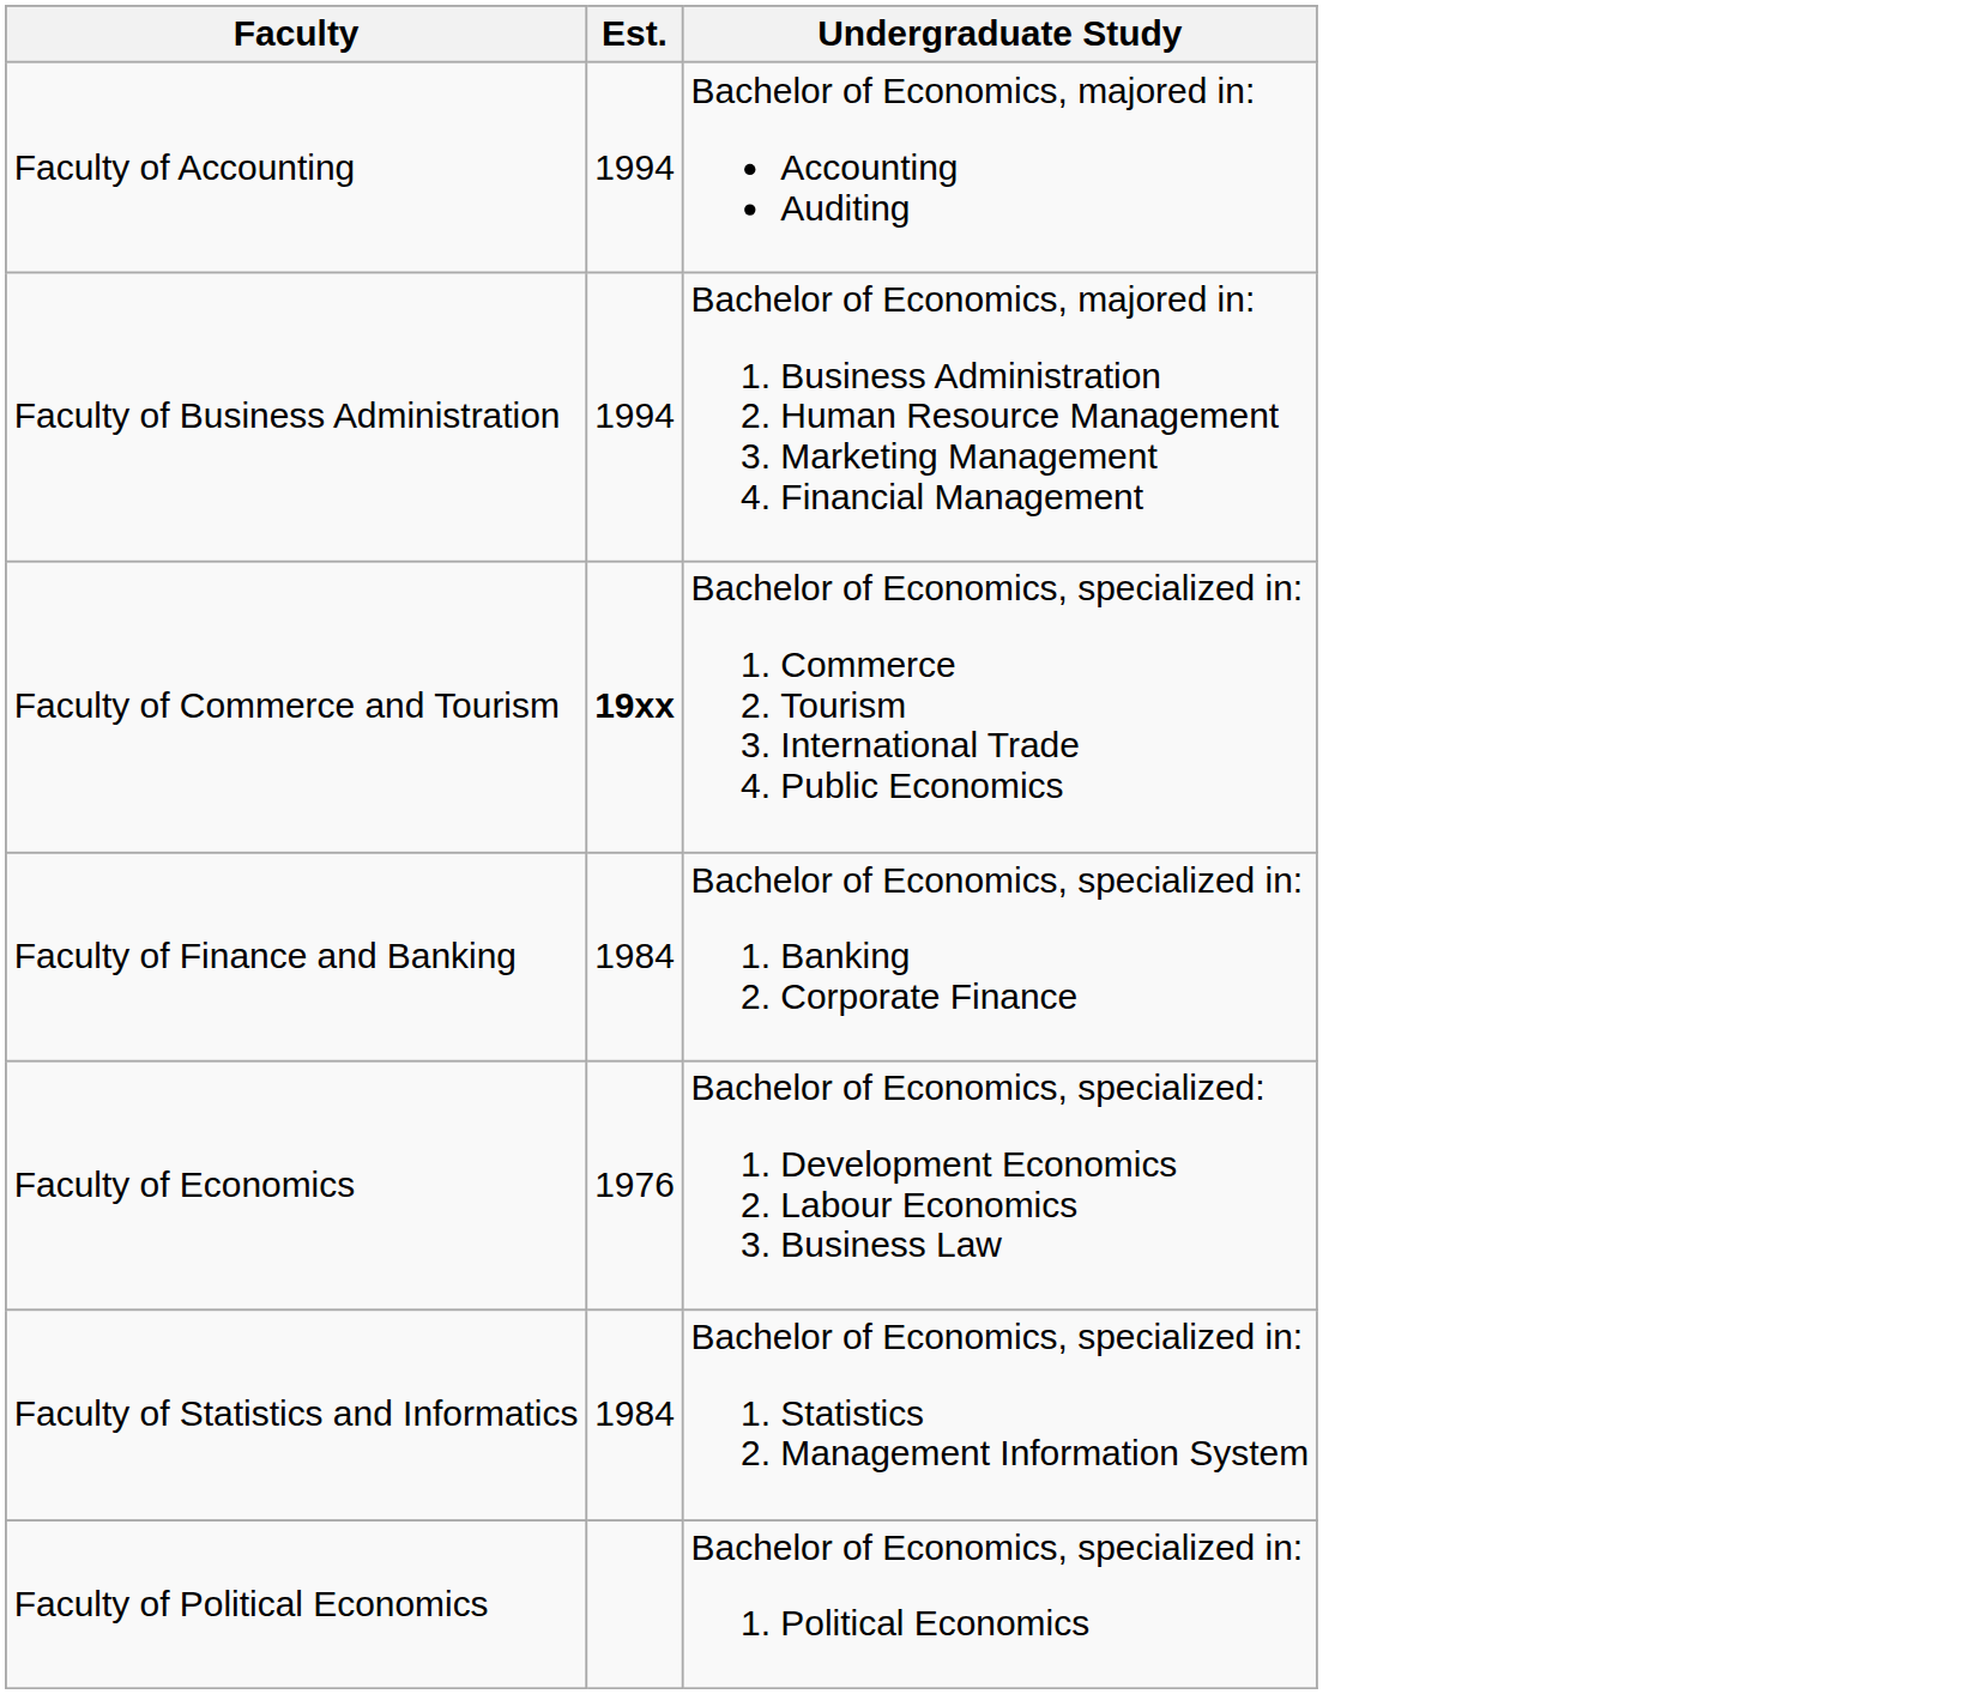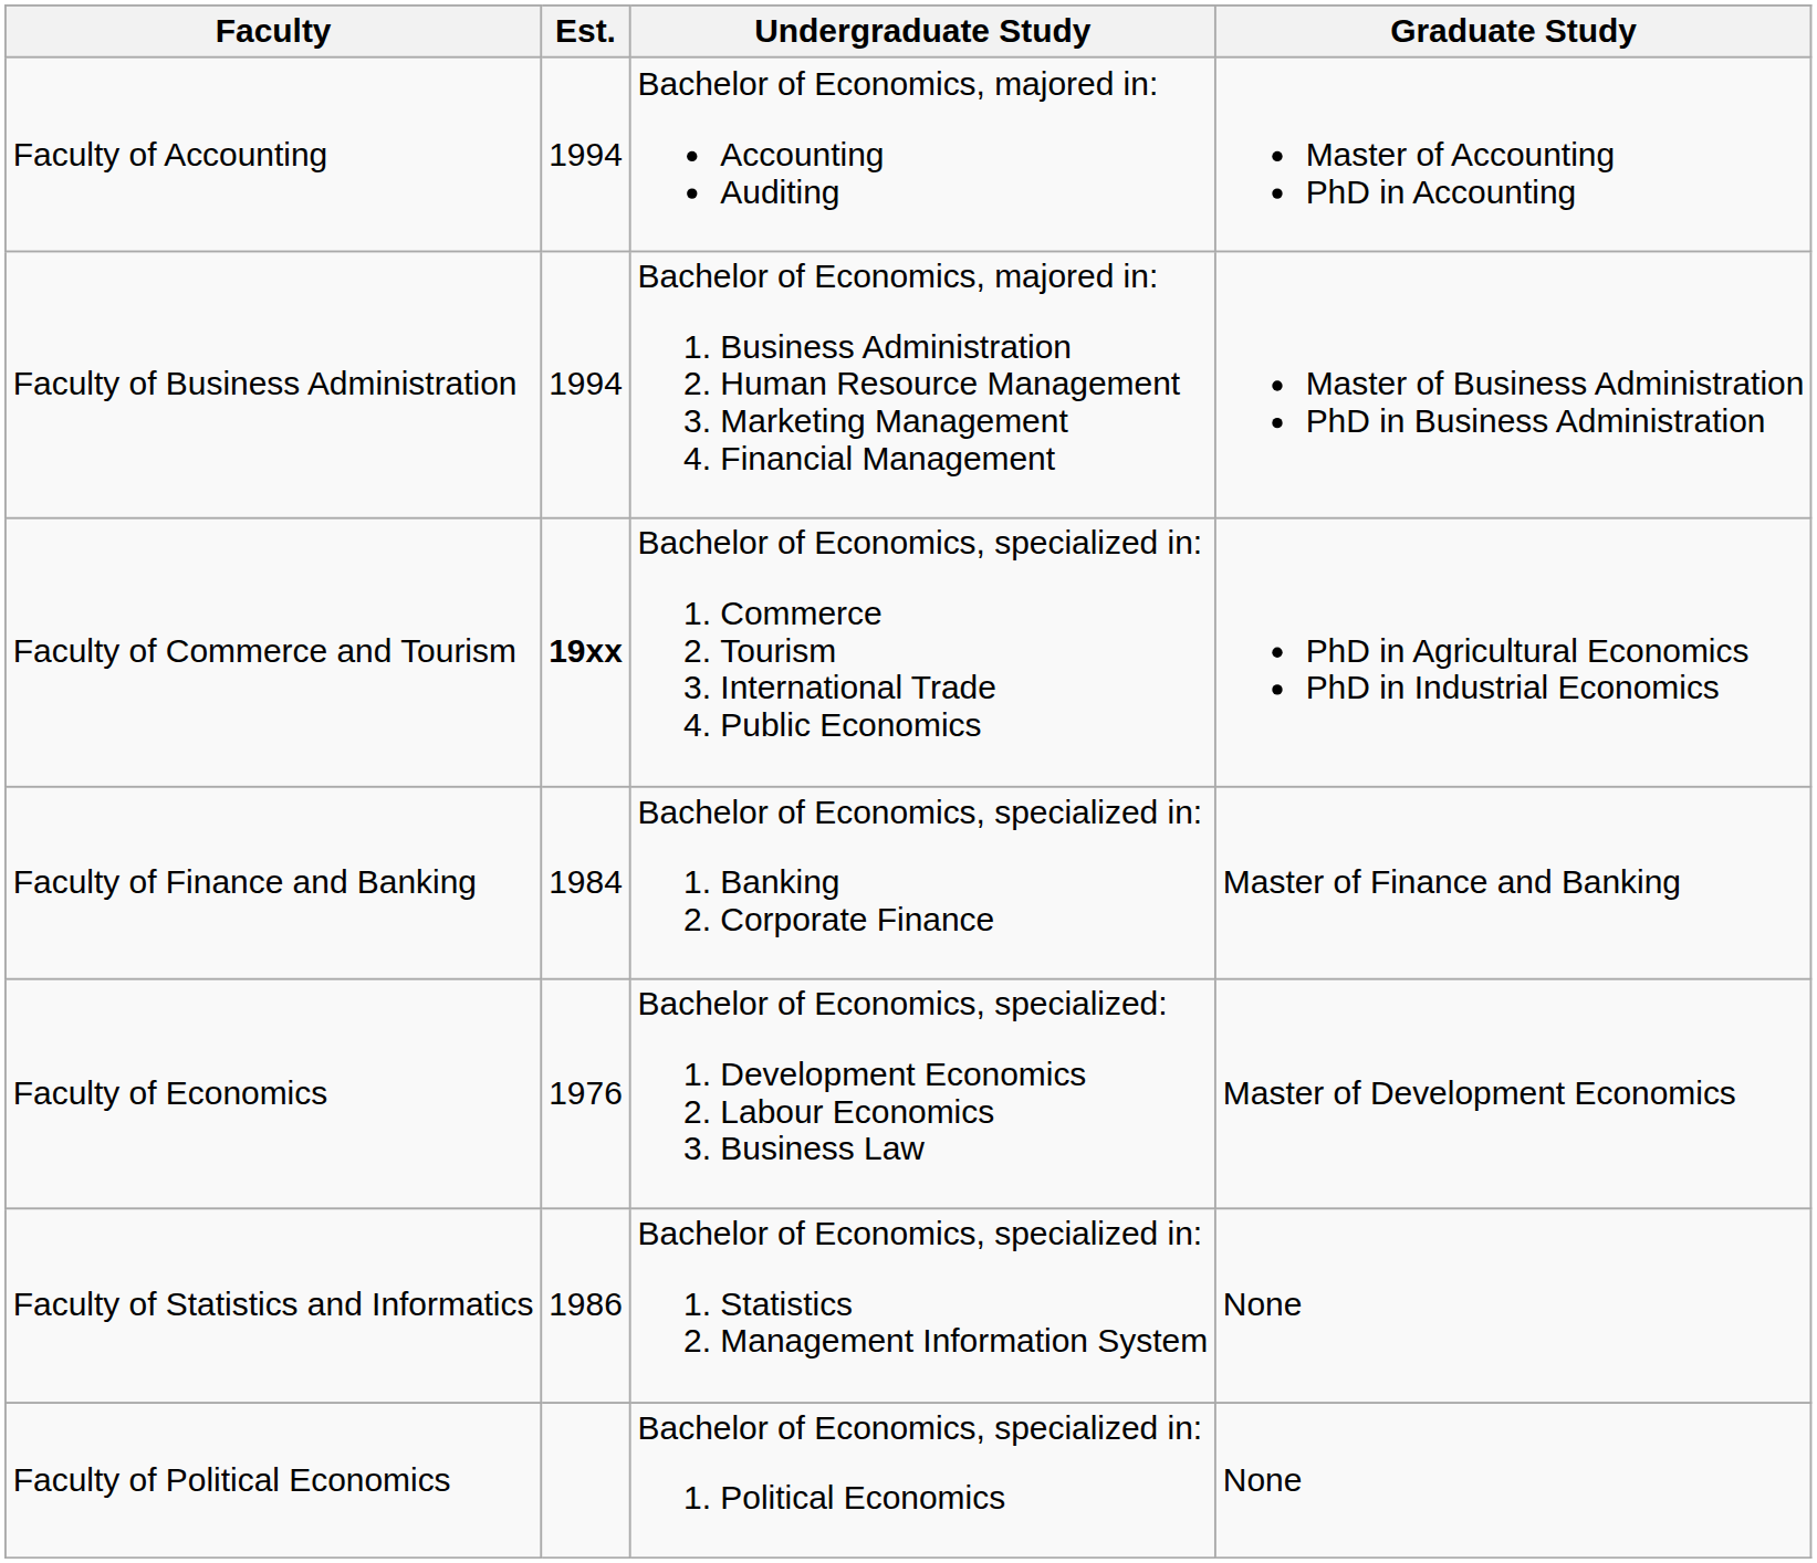 <table class="wikitable">
 <tr>
 <th>Faculty</th>
 <th>Est.</th>
 <th>Undergraduate Study</th>
+<th>Graduate Study</th>
 </tr>
 <tr>
 <td>Faculty of Accounting</td>
 <td>1994</td>
 <td>Bachelor of Economics, majored in:<br><ul><li>Accounting</li><li>Auditing</li></ul></td>
+<td><br><ul><li>Master of Accounting</li><li>PhD in Accounting</li></ul></td>
 </tr>
 <tr>
 <td>Faculty of Business Administration</td>
 <td>1994</td>
 <td>Bachelor of Economics, majored in:<br><ol><li>Business Administration</li><li>Human Resource Management</li><li>Marketing Management</li><li>Financial Management</li></ol></td>
+<td><br><ul><li>Master of Business Administration</li><li>PhD in Business Administration</li></ul></td>
 </tr>
 <tr>
 <td>Faculty of Commerce and Tourism</td>
 <td><strong>19xx</strong></td>
 <td>Bachelor of Economics, specialized in:<br><ol><li>Commerce</li><li>Tourism</li><li>International Trade</li><li>Public Economics</li></ol></td>
+<td><br><ul><li>PhD in Agricultural Economics</li><li>PhD in Industrial Economics</li></ul></td>
 </tr>
 <tr>
 <td>Faculty of Finance and Banking</td>
 <td>1984</td>
 <td>Bachelor of Economics, specialized in:<br><ol><li>Banking</li><li>Corporate Finance</li></ol></td>
+<td>Master of Finance and Banking</td>
 </tr>
 <tr>
 <td>Faculty of Economics</td>
 <td>1976</td>
 <td>Bachelor of Economics, specialized:<br><ol><li>Development Economics</li><li>Labour Economics</li><li>Business Law</li></ol></td>
+<td>Master of Development Economics</td>
 </tr>
 <tr>
 <td>Faculty of Statistics and Informatics</td>
-<td>1984</td>
+<td>1986</td>
 <td>Bachelor of Economics, specialized in:<br><ol><li>Statistics</li><li>Management Information System</li></ol></td>
+<td>None</td>
 </tr>
 <tr>
 <td>Faculty of Political Economics</td>
 <td></td>
 <td>Bachelor of Economics, specialized in:<br><ol><li>Political Economics</li></ol></td>
+<td>None</td>
 </tr>
 </table>
